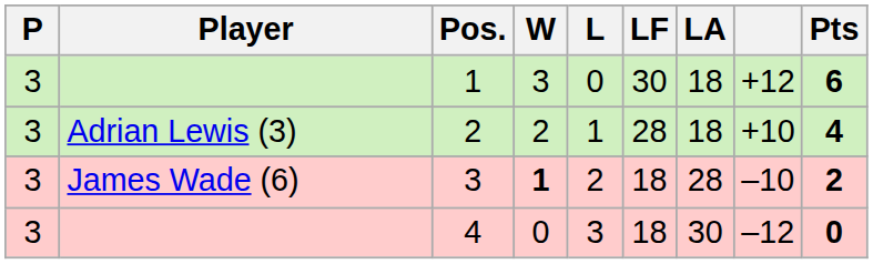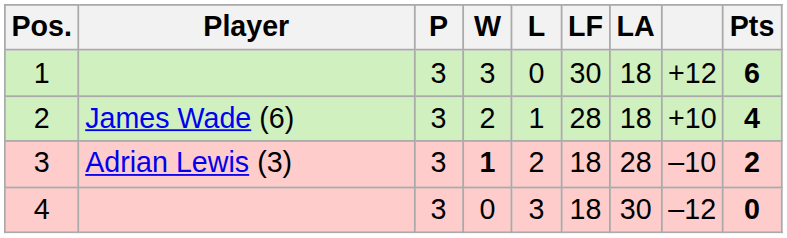 <table class="wikitable" style="text-align:center; margin: 1em auto 1em auto, align:left">
 <tr>
+<th width=20>Pos.</th>
+<th width=180>Player</th>
 <th width=20>P</th>
-<th width=180>Player</th>
-<th width=20>Pos.</th>
 <th width=20>W</th>
 <th width=20>L</th>
 <th width=20>LF</th>
 <th width=20>LA</th>
 <th width=25></th>
 <th width=20>Pts</th>
 </tr>
 <tr style="background:#D0F0C0;">
+<td>1</td>
+<td align=left></td>
 <td>3</td>
-<td align=left></td>
-<td>1</td>
 <td>3</td>
 <td>0</td>
 <td>30</td>
 <td>18</td>
 <td>+12</td>
 <td><strong>6</strong></td>
 </tr>
 <tr style="background:#D0F0C0;">
+<td>2</td>
+<td align=left> <a href='#'>James Wade</a> (6)</td>
 <td>3</td>
-<td align=left> <a href='#'>Adrian Lewis</a> (3)</td>
-<td>2</td>
 <td>2</td>
 <td>1</td>
 <td>28</td>
 <td>18</td>
 <td>+10</td>
 <td><strong>4</strong></td>
 </tr>
 <tr style="background:#FFCCCC;">
 <td>3</td>
-<td align=left> <a href='#'>James Wade</a> (6)</td>
+<td align=left> <a href='#'>Adrian Lewis</a> (3)</td>
 <td>3</td>
 <td><strong>1</strong></td>
 <td>2</td>
 <td>18</td>
 <td>28</td>
 <td>–10</td>
 <td><strong>2</strong></td>
 </tr>
 <tr style="background:#FFCCCC;">
+<td>4</td>
+<td align=left></td>
 <td>3</td>
-<td align=left></td>
-<td>4</td>
 <td>0</td>
 <td>3</td>
 <td>18</td>
 <td>30</td>
 <td>–12</td>
 <td><strong>0</strong></td>
 </tr>
 </table>
